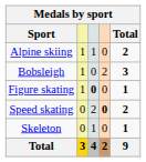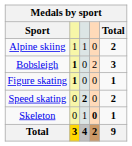 <table class=wikitable style=font-size:85%;float:right;text-align:center>
 <tr>
 <th colspan=5>Medals by sport</th>
 </tr>
 <tr>
 <th>Sport</th>
 <td bgcolor=F7F6A8></td>
 <td bgcolor=DCE5E5></td>
 <td bgcolor=FFDAB9></td>
 <th>Total</th>
 </tr>
 <tr>
 <td><a href='#'>Alpine skiing</a></td>
 <td bgcolor=F7F6A8>1</td>
 <td bgcolor=DCE5E5>1</td>
 <td bgcolor=FFDAB9>0</td>
 <td><strong>2</strong></td>
 </tr>
 <tr>
 <td><a href='#'>Bobsleigh</a></td>
-<td bgcolor=F7F6A8>1</td>
+<td bgcolor=F7F6A8><strong>1</strong></td>
 <td bgcolor=DCE5E5>0</td>
 <td bgcolor=FFDAB9>2</td>
 <td><strong>3</strong></td>
 </tr>
 <tr>
 <td><a href='#'>Figure skating</a></td>
-<td bgcolor=F7F6A8>1</td>
-<td bgcolor=DCE5E5><strong>0</strong></td>
+<td bgcolor=F7F6A8><strong>1</strong></td>
+<td bgcolor=DCE5E5>0</td>
 <td bgcolor=FFDAB9>0</td>
 <td><strong>1</strong></td>
 </tr>
 <tr>
 <td><a href='#'>Speed skating</a></td>
 <td bgcolor=F7F6A8>0</td>
-<td bgcolor=DCE5E5>2</td>
-<td bgcolor=FFDAB9><strong>0</strong></td>
+<td bgcolor=DCE5E5><strong>2</strong></td>
+<td bgcolor=FFDAB9>0</td>
 <td><strong>2</strong></td>
 </tr>
 <tr>
 <td><a href='#'>Skeleton</a></td>
 <td bgcolor=F7F6A8>0</td>
 <td bgcolor=DCE5E5>1</td>
-<td bgcolor=FFDAB9>0</td>
+<td bgcolor=FFDAB9><strong>0</strong></td>
 <td><strong>1</strong></td>
 </tr>
 <tr>
 <th>Total</th>
 <th style=background:gold>3</th>
 <th style=background:silver>4</th>
 <th style=background:#c96>2</th>
 <th>9</th>
 </tr>
 </table>
